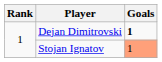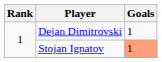 <table class="wikitable">
 <tr>
 <th>Rank</th>
 <th>Player</th>
 <th>Goals</th>
 </tr>
 <tr>
 <td align=center rowspan=2>1</td>
 <td><a href='#'>Dejan Dimitrovski</a></td>
-<td><strong>1</strong></td>
+<td>1</td>
 </tr>
 <tr>
 <td><a href='#'>Stojan Ignatov</a></td>
 <td style="background: lightsalmon;">1</td>
 </tr>
 </table>
